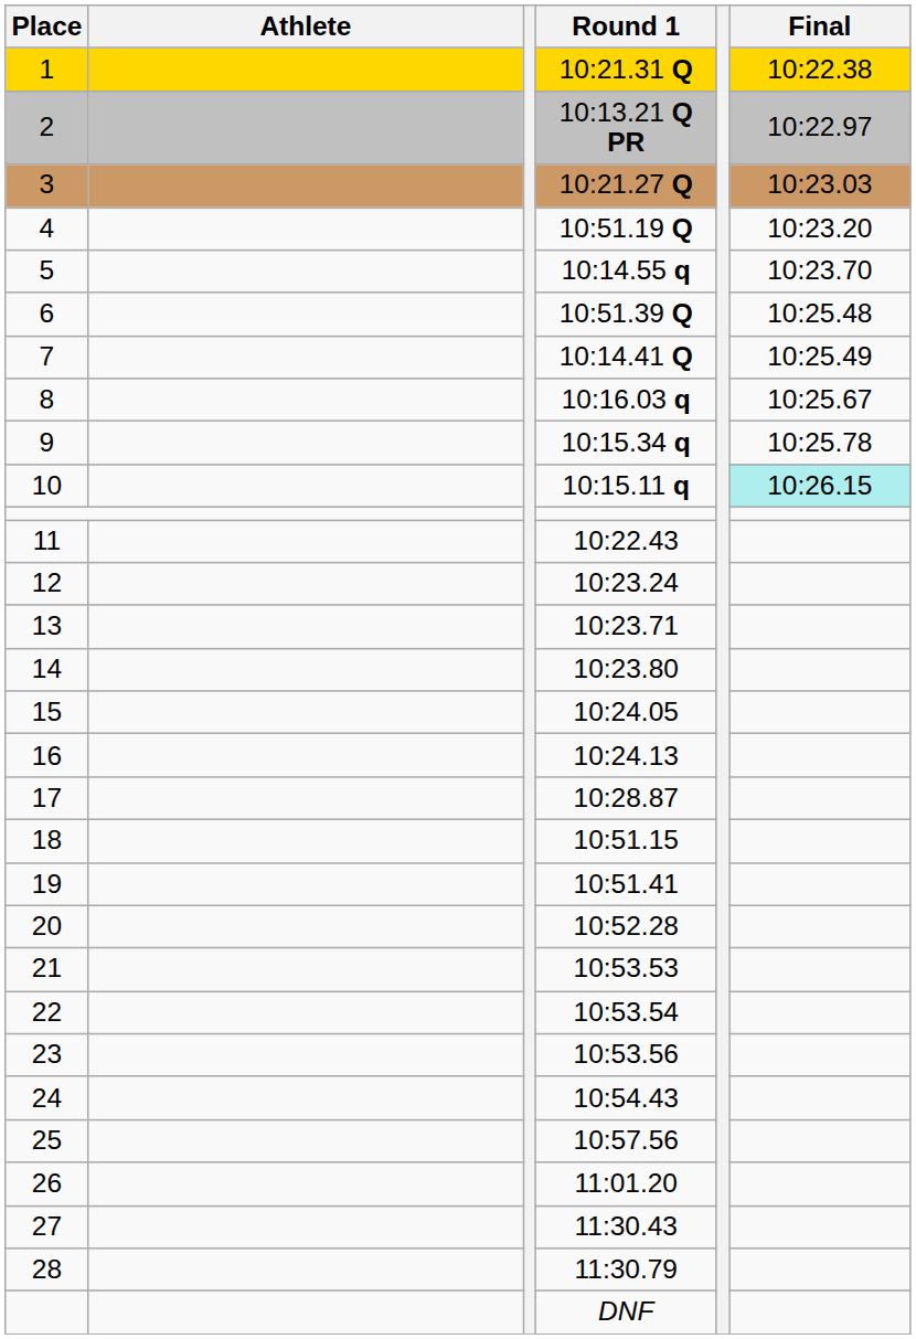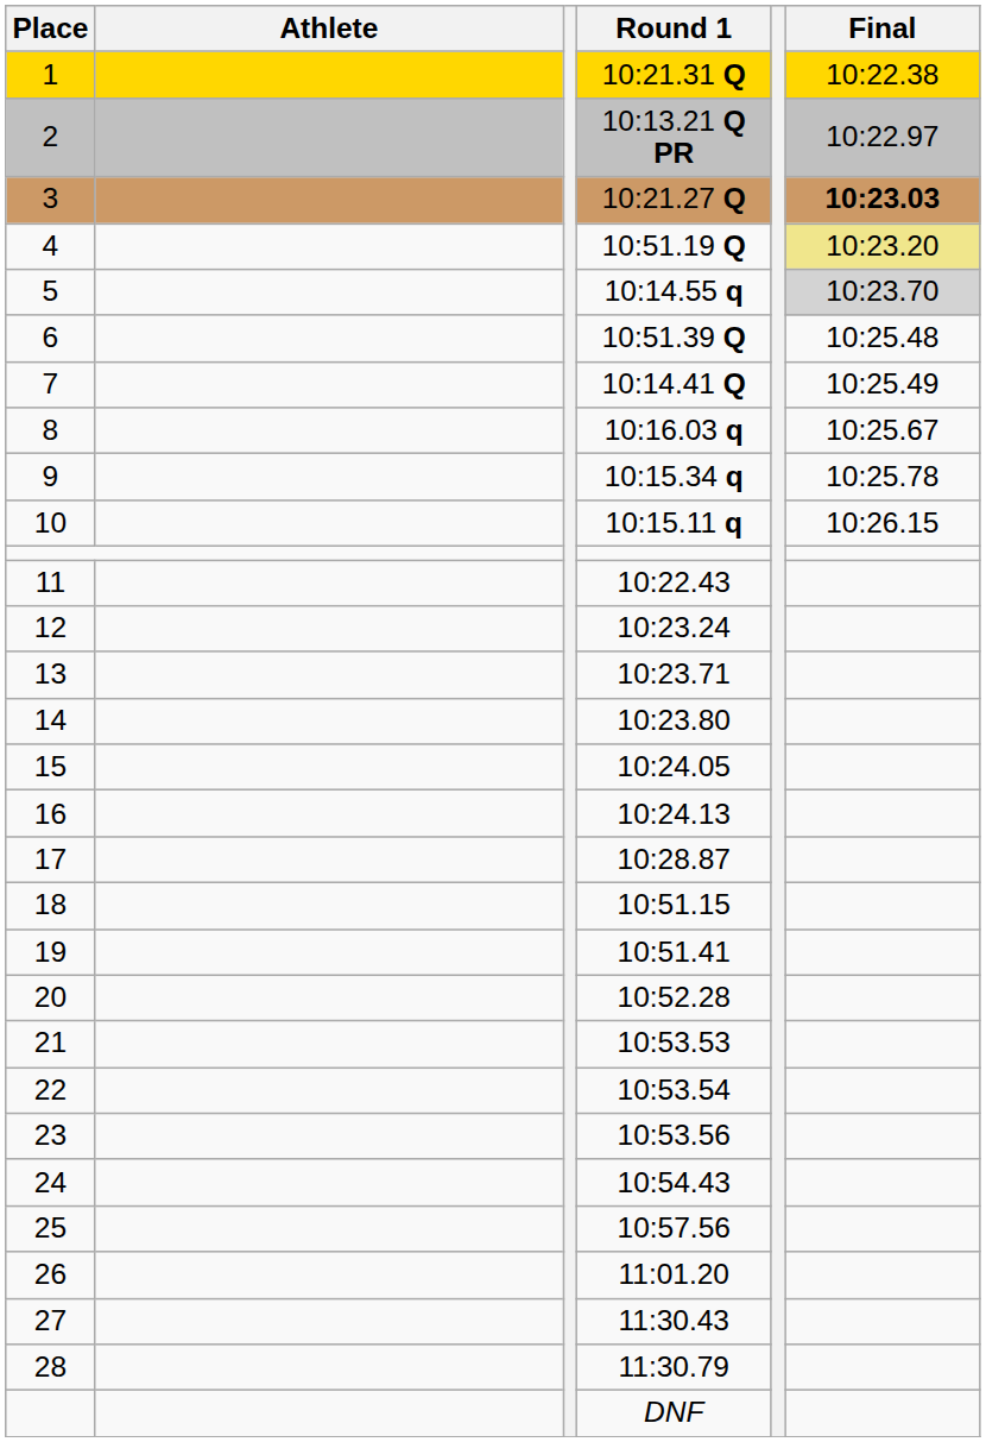 <table class="wikitable" style="text-align:center">
 <tr>
 <th>Place</th>
 <th width=250>Athlete</th>
 <th rowspan=39></th>
 <th width=100>Round 1</th>
 <th rowspan=39></th>
 <th width=100>Final</th>
 </tr>
 <tr bgcolor=gold>
 <td>1</td>
 <td align=left></td>
 <td>10:21.31 <strong>Q</strong></td>
 <td>10:22.38</td>
 </tr>
 <tr bgcolor=silver>
 <td>2</td>
 <td align=left></td>
 <td>10:13.21 <strong>Q PR</strong></td>
 <td>10:22.97</td>
 </tr>
 <tr bgcolor=cc9966>
 <td>3</td>
 <td align=left></td>
 <td>10:21.27 <strong>Q</strong></td>
-<td>10:23.03</td>
+<td><strong>10:23.03</strong></td>
 </tr>
 <tr>
 <td>4</td>
 <td align=left></td>
 <td>10:51.19 <strong>Q</strong></td>
-<td>10:23.20</td>
+<td style="background: khaki;">10:23.20</td>
 </tr>
 <tr>
 <td>5</td>
 <td align=left></td>
 <td>10:14.55 <strong>q</strong></td>
-<td>10:23.70</td>
+<td style="background: lightgrey;">10:23.70</td>
 </tr>
 <tr>
 <td>6</td>
 <td align=left></td>
 <td>10:51.39 <strong>Q</strong></td>
 <td>10:25.48</td>
 </tr>
 <tr>
 <td>7</td>
 <td align=left></td>
 <td>10:14.41 <strong>Q</strong></td>
 <td>10:25.49</td>
 </tr>
 <tr>
 <td>8</td>
 <td align=left></td>
 <td>10:16.03 <strong>q</strong></td>
 <td>10:25.67</td>
 </tr>
 <tr>
 <td>9</td>
 <td align=left></td>
 <td>10:15.34 <strong>q</strong></td>
 <td>10:25.78</td>
 </tr>
 <tr>
 <td>10</td>
 <td align=left></td>
 <td>10:15.11 <strong>q</strong></td>
-<td style="background: paleturquoise;">10:26.15</td>
+<td>10:26.15</td>
 </tr>
 <tr>
 <td colspan=10></td>
 </tr>
 <tr>
 <td>11</td>
 <td align=left></td>
 <td>10:22.43</td>
 <td></td>
 </tr>
 <tr>
 <td>12</td>
 <td align=left></td>
 <td>10:23.24</td>
 <td></td>
 </tr>
 <tr>
 <td>13</td>
 <td align=left></td>
 <td>10:23.71</td>
 <td></td>
 </tr>
 <tr>
 <td>14</td>
 <td align=left></td>
 <td>10:23.80</td>
 <td></td>
 </tr>
 <tr>
 <td>15</td>
 <td align=left></td>
 <td>10:24.05</td>
 <td></td>
 </tr>
 <tr>
 <td>16</td>
 <td align=left></td>
 <td>10:24.13</td>
 <td></td>
 </tr>
 <tr>
 <td>17</td>
 <td align=left></td>
 <td>10:28.87</td>
 <td></td>
 </tr>
 <tr>
 <td>18</td>
 <td align=left></td>
 <td>10:51.15</td>
 <td></td>
 </tr>
 <tr>
 <td>19</td>
 <td align=left></td>
 <td>10:51.41</td>
 <td></td>
 </tr>
 <tr>
 <td>20</td>
 <td align=left></td>
 <td>10:52.28</td>
 <td></td>
 </tr>
 <tr>
 <td>21</td>
 <td align=left></td>
 <td>10:53.53</td>
 <td></td>
 </tr>
 <tr>
 <td>22</td>
 <td align=left></td>
 <td>10:53.54</td>
 <td></td>
 </tr>
 <tr>
 <td>23</td>
 <td align=left></td>
 <td>10:53.56</td>
 <td></td>
 </tr>
 <tr>
 <td>24</td>
 <td align=left></td>
 <td>10:54.43</td>
 <td></td>
 </tr>
 <tr>
 <td>25</td>
 <td align=left></td>
 <td>10:57.56</td>
 <td></td>
 </tr>
 <tr>
 <td>26</td>
 <td align=left></td>
 <td>11:01.20</td>
 <td></td>
 </tr>
 <tr>
 <td>27</td>
 <td align=left></td>
 <td>11:30.43</td>
 <td></td>
 </tr>
 <tr>
 <td>28</td>
 <td align=left></td>
 <td>11:30.79</td>
 <td></td>
 </tr>
 <tr>
 <td></td>
 <td align=left></td>
 <td><em>DNF</em></td>
 <td></td>
 </tr>
 <tr>
 </tr>
 </table>
